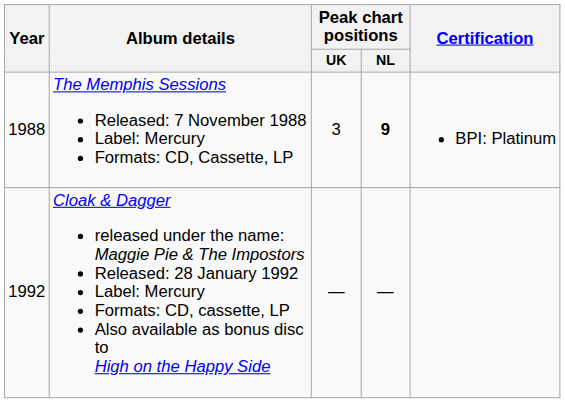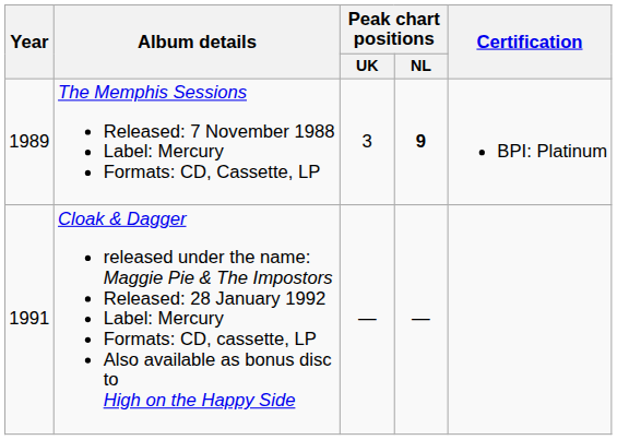 <table class="wikitable" style=text-align:center;>
 <tr>
 <th rowspan="2">Year</th>
 <th width="245" rowspan="2">Album details</th>
 <th colspan="2">Peak chart positions</th>
 <th rowspan="2"><a href='#'>Certification</a></th>
 </tr>
 <tr>
 <th style="width:3em;font-size:85%">UK<br></th>
 <th style="width:3em;font-size:85%">NL<br></th>
 </tr>
 <tr>
-<td>1988</td>
+<td>1989</td>
 <td align="left"><em><a href='#'>The Memphis Sessions</a></em><br><ul><li>Released: 7 November 1988</li><li>Label: Mercury</li><li>Formats: CD, Cassette, LP</li></ul></td>
 <td>3</td>
 <td><strong>9</strong></td>
 <td><br><ul><li>BPI: Platinum</li></ul></td>
 </tr>
 <tr>
-<td>1992</td>
+<td>1991</td>
 <td align=left><em><a href='#'>Cloak & Dagger</a></em><br><ul><li>released under the name: <br><em>Maggie Pie & The Impostors</em></li><li>Released: 28 January 1992</li><li>Label: Mercury</li><li>Formats: CD, cassette, LP</li><li>Also available as bonus disc to <br><em><a href='#'>High on the Happy Side</a></em></li></ul></td>
 <td>—</td>
 <td>—</td>
 <td></td>
 </tr>
 </table>
